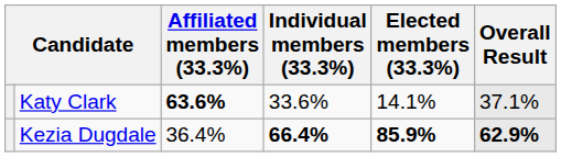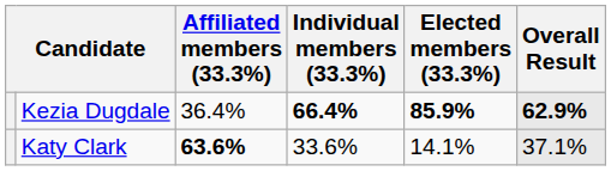 <table class="wikitable">
 <tr>
 <th colspan="2">Candidate</th>
 <th><a href='#'>Affiliated</a> <br> members<br> <strong>(33.3%)</strong></th>
 <th>Individual <br> members <br> <strong>(33.3%)</strong></th>
 <th>Elected <br>members<br> <strong>(33.3%)</strong></th>
 <th>Overall <br> Result</th>
 </tr>
 <tr>
 <th style="background-color: "></th>
+<td><a href='#'>Kezia Dugdale</a></td>
+<td>36.4%</td>
+<td><strong>66.4%</strong></td>
+<td><strong>85.9%</strong></td>
+<td style="background:#e9e9e9;"><strong>62.9%</strong></td>
+</tr>
+<tr>
+<th style="background-color: "></th>
 <td><a href='#'>Katy Clark</a></td>
 <td><strong>63.6%</strong></td>
 <td>33.6%</td>
 <td>14.1%</td>
 <td style="background:#e9e9e9;">37.1%</td>
 </tr>
-<tr>
-<th style="background-color: "></th>
-<td><a href='#'>Kezia Dugdale</a></td>
-<td>36.4%</td>
-<td><strong>66.4%</strong></td>
-<td><strong>85.9%</strong></td>
-<td style="background:#e9e9e9;"><strong>62.9%</strong></td>
-</tr>
 </table>
